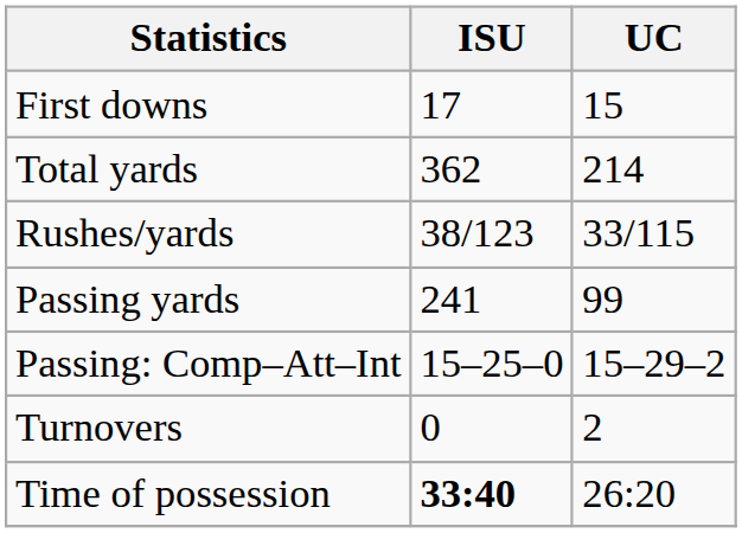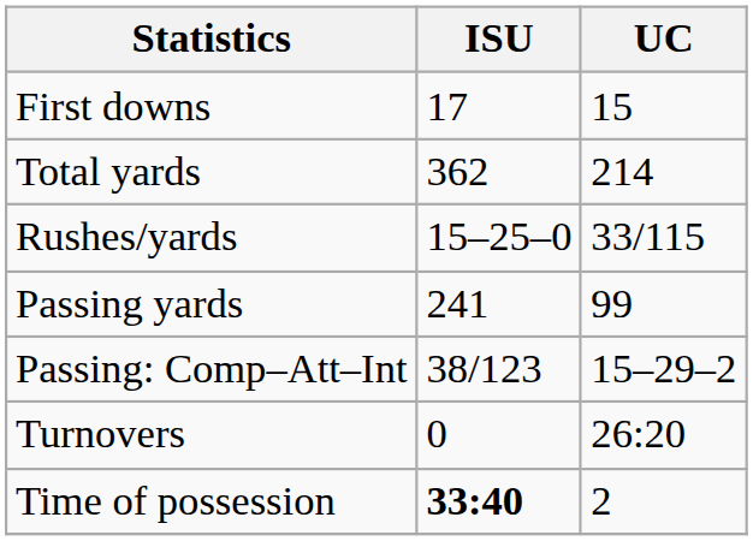 <table class="wikitable" style="float: left;">
 <tr>
 <th>Statistics</th>
 <th>ISU</th>
 <th>UC</th>
 </tr>
 <tr>
 <td>First downs</td>
 <td>17</td>
 <td>15</td>
 </tr>
 <tr>
 <td>Total yards</td>
 <td>362</td>
 <td>214</td>
 </tr>
 <tr>
 <td>Rushes/yards</td>
-<td>38/123</td>
+<td>15–25–0</td>
 <td>33/115</td>
 </tr>
 <tr>
 <td>Passing yards</td>
 <td>241</td>
 <td>99</td>
 </tr>
 <tr>
 <td>Passing: Comp–Att–Int</td>
-<td>15–25–0</td>
+<td>38/123</td>
 <td>15–29–2</td>
 </tr>
 <tr>
 <td>Turnovers</td>
 <td>0</td>
-<td>2</td>
+<td>26:20</td>
 </tr>
 <tr>
 <td>Time of possession</td>
 <td><strong>33:40</strong></td>
-<td>26:20</td>
+<td>2</td>
 </tr>
 <tr>
 </tr>
 </table>
